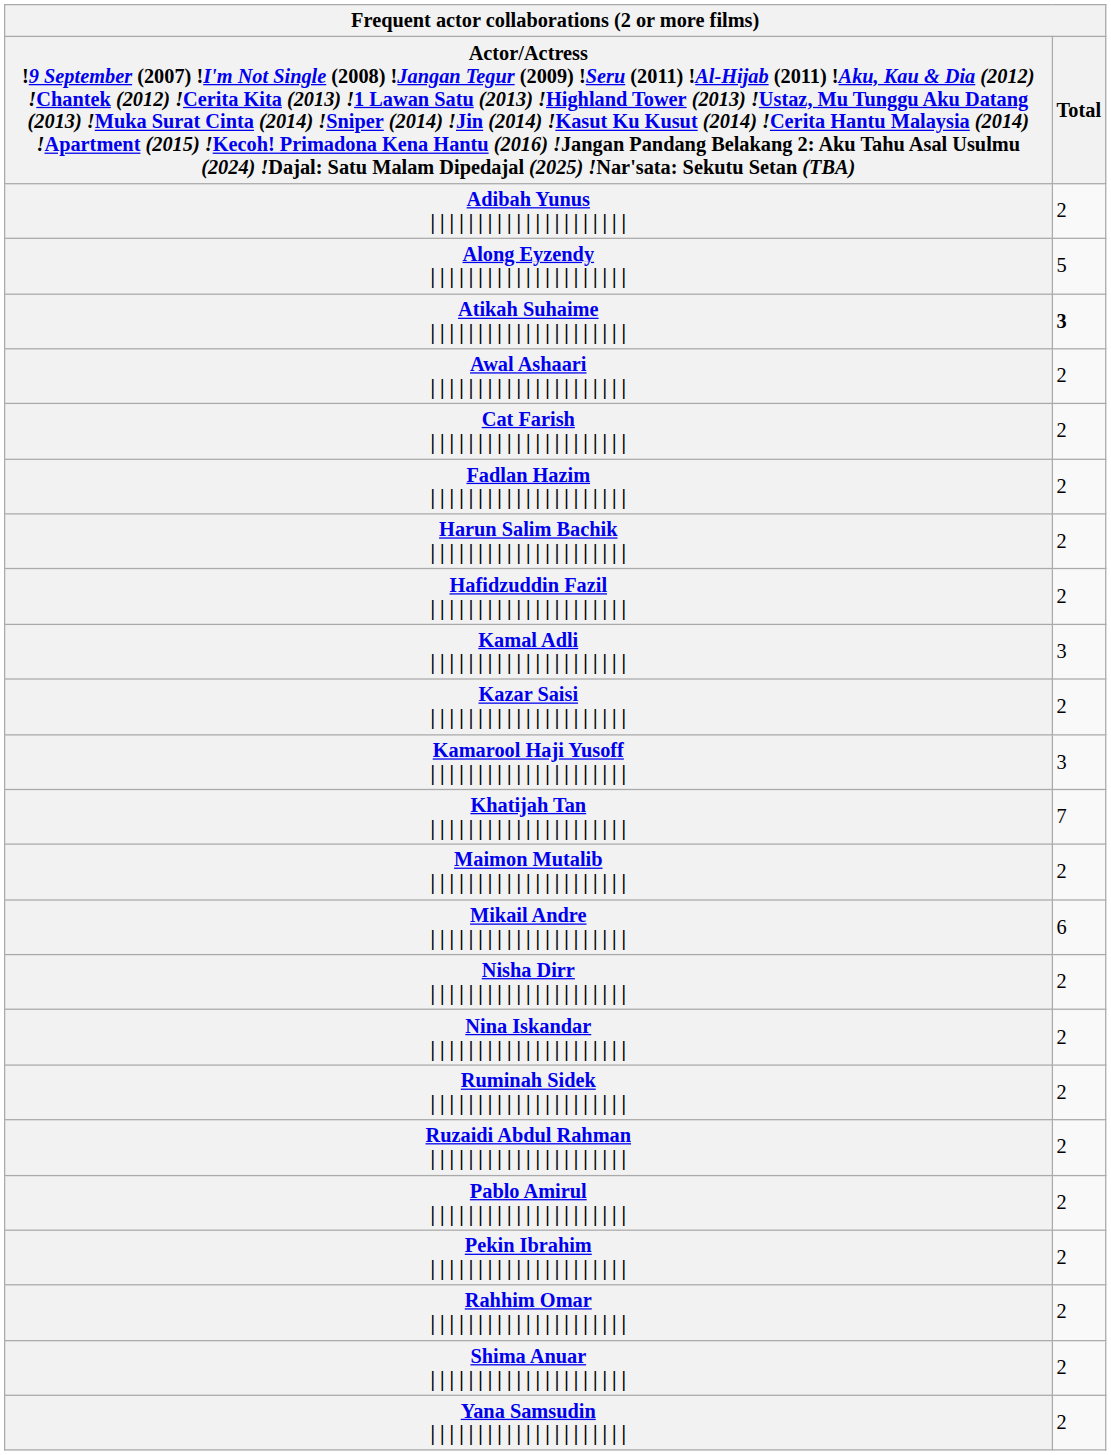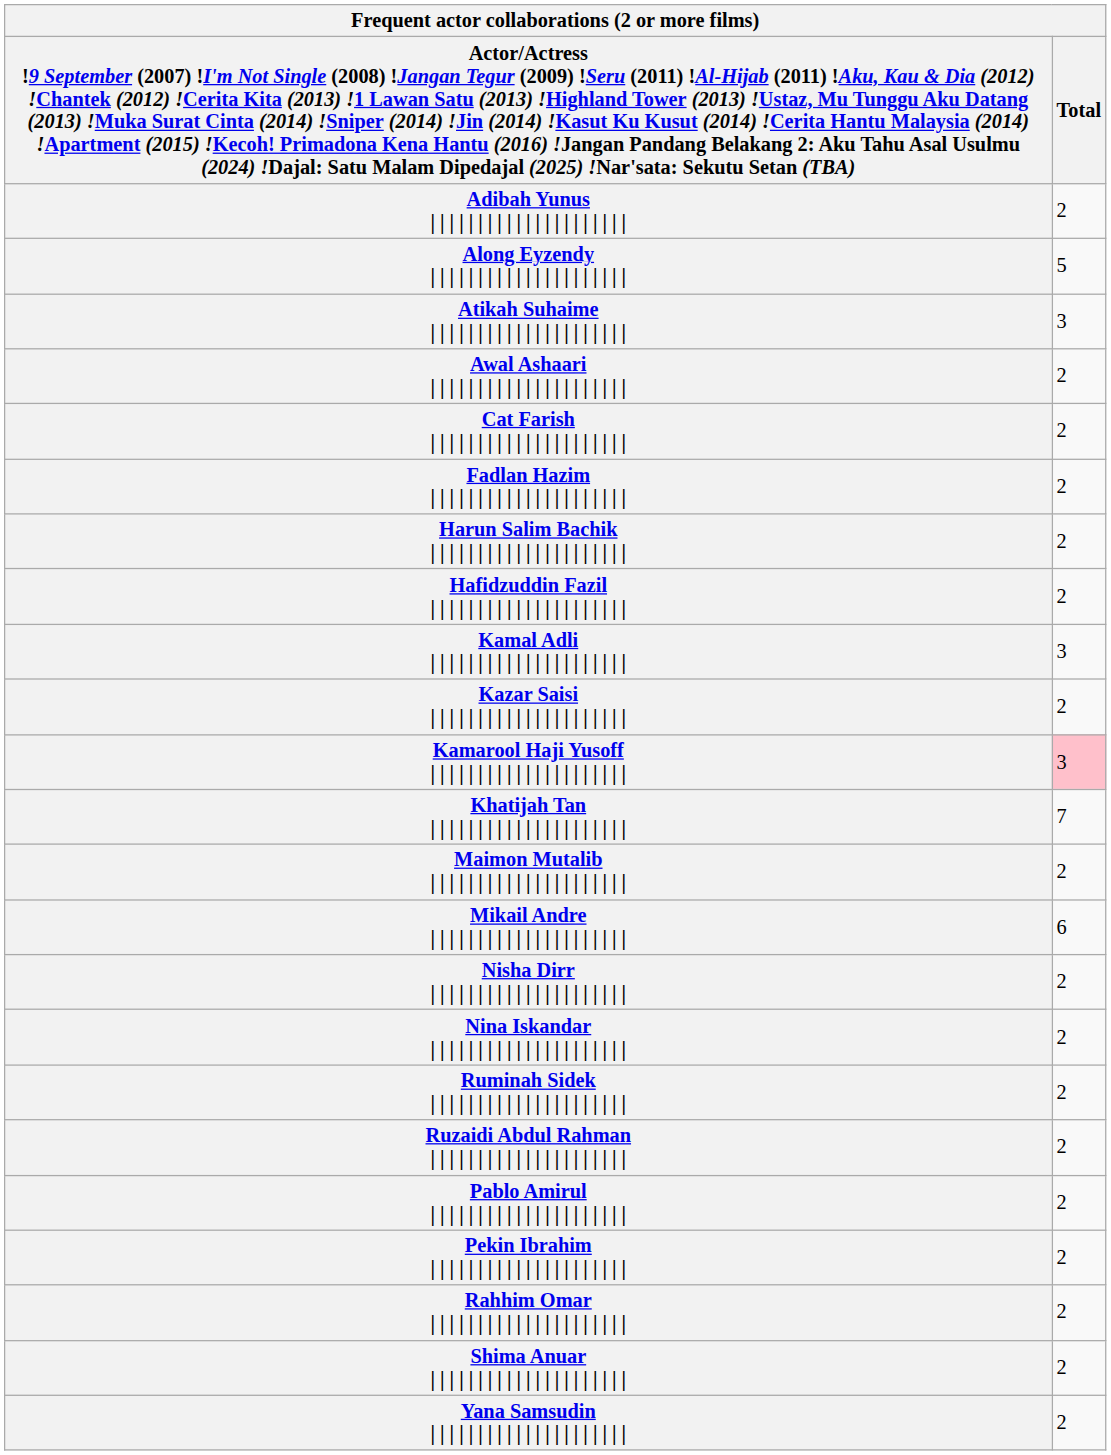 <table class="wikitable">
 <tr>
 <th colspan=23>Frequent actor collaborations (2 or more films)</th>
 </tr>
 <tr>
 <th>Actor/Actress<br> !<em><a href='#'>9 September</a></em> (2007)  !<em><a href='#'>I'm Not Single</a></em> (2008)  !<em><a href='#'>Jangan Tegur</a></em> (2009)  !<em><a href='#'>Seru</a></em> (2011)  !<em><a href='#'>Al-Hijab</a></em> (2011)  !<em><a href='#'>Aku, Kau & Dia</a> (2012)  !</em><a href='#'>Chantek</a><em> (2012)  !</em><a href='#'>Cerita Kita</a><em> (2013)  !</em><a href='#'>1 Lawan Satu</a><em> (2013)  !</em><a href='#'>Highland Tower</a><em> (2013)  !</em><a href='#'>Ustaz, Mu Tunggu Aku Datang</a><em> (2013)  !</em><a href='#'>Muka Surat Cinta</a><em> (2014)  !</em><a href='#'>Sniper</a><em> (2014)  !</em><a href='#'>Jin</a><em> (2014)  !</em><a href='#'>Kasut Ku Kusut</a><em> (2014)  !</em><a href='#'>Cerita Hantu Malaysia</a><em> (2014)  !</em><a href='#'>Apartment</a><em> (2015)  !</em><a href='#'>Kecoh! Primadona Kena Hantu</a><em> (2016)  !</em>Jangan Pandang Belakang 2: Aku Tahu Asal Usulmu<em> (2024)  !</em>Dajal: Satu Malam Dipedajal<em> (2025)  !</em>Nar'sata: Sekutu Setan<em> (TBA)</th>
 <th>Total</th>
 </tr>
 <tr>
 <th><a href='#'>Adibah Yunus</a><br> |  |  |  |  |  |  |  |  |   |   |  |   |   |  |  |  |  |  |  |  |</th>
 <td>2</td>
 </tr>
 <tr>
 <th><a href='#'>Along Eyzendy</a><br> |  |  |  |   |  |  |   |   |   |   |   |   |  |  |   |  |  |  |  |  |</th>
 <td>5</td>
 </tr>
 <tr>
 <th><a href='#'>Atikah Suhaime</a><br> |  |  |  |  |  |  |   |   |   |   |   |   |   |  |   |  |  |  |  |  |</th>
-<td><strong>3</strong></td>
+<td>3</td>
 </tr>
 <tr>
 <th><a href='#'>Awal Ashaari</a><br> |  |   |  |   |  |  |   |   |   |   |   |   |   |  |  |  |  |  |  |  |</th>
 <td>2</td>
 </tr>
 <tr>
 <th><a href='#'>Cat Farish</a><br> |  |   |  |   |  |  |  |  |  |  |  |  |  |  |  |  |   |   |   |  |</th>
 <td>2</td>
 </tr>
 <tr>
 <th><a href='#'>Fadlan Hazim</a><br> |  |  |  |  |  |  |  |  |  |  |  |  |   |  |  |  |  |  |  |  | </th>
 <td>2</td>
 </tr>
 <tr>
 <th><a href='#'>Harun Salim Bachik</a><br> |  |  |  |  |   |   |  |  |  |  |  |  |  |   |  |  |  |  |  |  |</th>
 <td>2</td>
 </tr>
 <tr>
 <th><a href='#'>Hafidzuddin Fazil</a><br> |  |   |  |  |  |  |  |  |  |  |  |  |  |  |  |  |  |  |   |  |</th>
 <td>2</td>
 </tr>
 <tr>
 <th><a href='#'>Kamal Adli</a><br> |  |  |  |  |  |  |  |  |  |  |  |  |  |   |   |   |   |   |  |  |</th>
 <td>3</td>
 </tr>
 <tr>
 <th><a href='#'>Kazar Saisi</a><br> |   |   |   |   |  |  |   |   |   |   |   |   |   |  |  |  |  |  |  |  |</th>
 <td>2</td>
 </tr>
 <tr>
 <th><a href='#'>Kamarool Haji Yusoff</a><br> |  |  |  |  |  |  |  |  |  |  |  |  |   |   |   |   |  |   |  |  |</th>
-<td>3</td>
+<td style="background: pink;">3</td>
 </tr>
 <tr>
 <th><a href='#'>Khatijah Tan</a><br> |   |   |   |   |  |  |   |   |   |   |   |   |   |  |   |  |  |   |   |   | </th>
 <td>7</td>
 </tr>
 <tr>
 <th><a href='#'>Maimon Mutalib</a><br> |   |   |   |   |   |   |   |   |   |   |   |   |   |  |   |  |   |  |  |  |</th>
 <td>2</td>
 </tr>
 <tr>
 <th><a href='#'>Mikail Andre</a><br> |   |   |   |   |   |   |   |   |   |   |   |   |   |   |   |  |  |  |  |  |</th>
 <td>6</td>
 </tr>
 <tr>
 <th><a href='#'>Nisha Dirr</a><br> |  |  |  |   |   |   |   |  |  |  |  |  |  |  |  |  |  |  |   |  |</th>
 <td>2</td>
 </tr>
 <tr>
 <th><a href='#'>Nina Iskandar</a><br> |   |   |   |   |   |   |   |   |   |   |   |   |   |   |   |  |  |   |  |  |</th>
 <td>2</td>
 </tr>
 <tr>
 <th><a href='#'>Ruminah Sidek</a><br> |  |   |  |  |  |  |  |  |  |  |  |  |  |  |  |  |   |   |   |  |</th>
 <td>2</td>
 </tr>
 <tr>
 <th><a href='#'>Ruzaidi Abdul Rahman</a><br> |   |   |   |   |   |   |   |   |   |   |   |   |   |   |   |  |  |  |  |  |</th>
 <td>2</td>
 </tr>
 <tr>
 <th><a href='#'>Pablo Amirul</a><br> |   |   |   |   |   |   |   |   |   |   |   |   |   |   |   |  |  |  |  |  |</th>
 <td>2</td>
 </tr>
 <tr>
 <th><a href='#'>Pekin Ibrahim</a><br> |   |   |   |   |   |   |   |   |   |   |   |   |   |   |   |  |  |  |  |  |</th>
 <td>2</td>
 </tr>
 <tr>
 <th><a href='#'>Rahhim Omar</a><br> |  |  |   |  |  |  |  |  |  |  |  |  |  |   |  |   |  |  |  |  |</th>
 <td>2</td>
 </tr>
 <tr>
 <th><a href='#'>Shima Anuar</a><br> |   |   |   |   |   |   |   |   |   |   |   |   |   |   |   |  |  |  |  |  |</th>
 <td>2</td>
 </tr>
 <tr>
 <th><a href='#'>Yana Samsudin</a><br> |   |   |   |   |   |   |   |   |   |   |   |   |   |   |   |  |  |   |  |  |</th>
 <td>2</td>
 </tr>
 </table>
